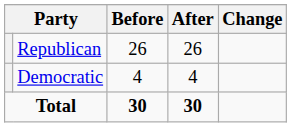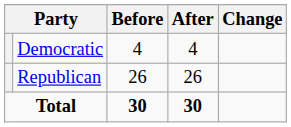 <table class="wikitable" style="text-align:center;">
 <tr>
 </tr>
 <tr>
 <th colspan=2>Party</th>
 <th>Before</th>
 <th>After</th>
 <th>Change</th>
 </tr>
 <tr>
 <th style="background-color:"></th>
-<td style="text-align:left;"><a href='#'>Republican</a></td>
-<td>26</td>
-<td>26</td>
+<td style="text-align:left;"><a href='#'>Democratic</a></td>
+<td>4</td>
+<td>4</td>
 <td></td>
 </tr>
 <tr>
 <th style="background-color:"></th>
-<td style="text-align:left;"><a href='#'>Democratic</a></td>
-<td>4</td>
-<td>4</td>
+<td style="text-align:left;"><a href='#'>Republican</a></td>
+<td>26</td>
+<td>26</td>
 <td></td>
 </tr>
 <tr>
 <td colspan=2><strong>Total</strong></td>
 <td><strong>30</strong></td>
 <td><strong>30</strong></td>
 <td></td>
 </tr>
 </table>
